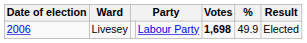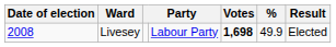 <table class="wikitable">
 <tr>
 <th>Date of election</th>
 <th>Ward</th>
 <th colspan="2">Party</th>
 <th>Votes</th>
 <th>%</th>
 <th>Result</th>
 </tr>
 <tr>
-<td><a href='#'>2006</a></td>
+<td><a href='#'>2008</a></td>
 <td>Livesey</td>
 <td style="background-color: "></td>
 <td><a href='#'>Labour Party</a></td>
 <td><strong>1,698</strong></td>
 <td>49.9</td>
 <td>Elected</td>
 </tr>
 </table>
